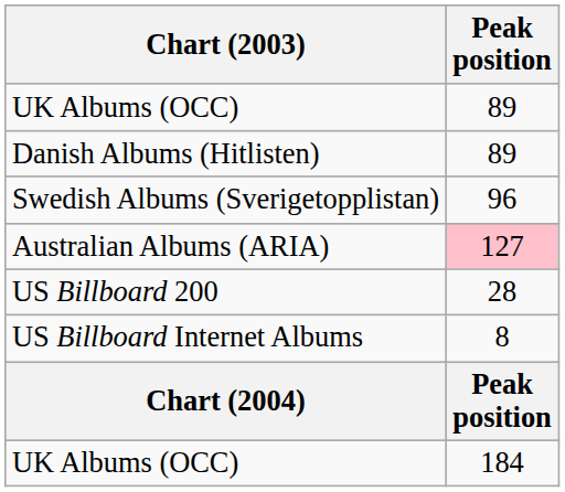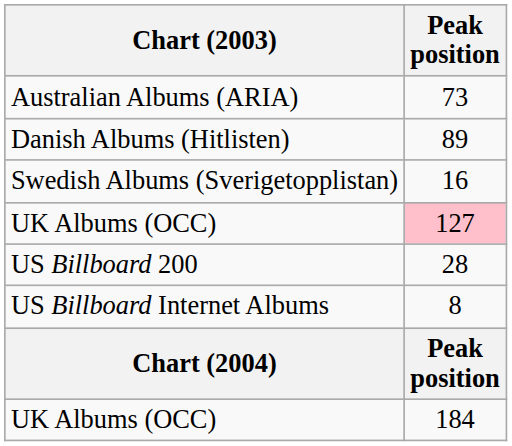 <table class="wikitable sortable">
 <tr>
 <th>Chart (2003)</th>
 <th>Peak<br>position</th>
 </tr>
 <tr>
-<td align="left">UK Albums (OCC)</td>
-<td align="center">89</td>
+<td align="left">Australian Albums (ARIA)</td>
+<td align="center">73</td>
 </tr>
 <tr>
 <td align="left">Danish Albums (Hitlisten)</td>
 <td align="center">89</td>
 </tr>
 <tr>
 <td align="left">Swedish Albums (Sverigetopplistan)</td>
-<td align="center">96</td>
+<td align="center">16</td>
 </tr>
 <tr>
-<td align="left">Australian Albums (ARIA)</td>
+<td align="left">UK Albums (OCC)</td>
 <td align="center" style="background: pink;">127</td>
 </tr>
 <tr>
 <td align="left">US <em>Billboard</em> 200</td>
 <td align="center">28</td>
 </tr>
 <tr>
 <td align="left">US <em>Billboard</em>  Internet Albums</td>
 <td align="center">8</td>
 </tr>
 <tr>
 <th>Chart (2004)</th>
 <th>Peak<br>position</th>
 </tr>
 <tr>
 <td align="left">UK Albums (OCC)</td>
 <td align="center">184</td>
 </tr>
 </table>
